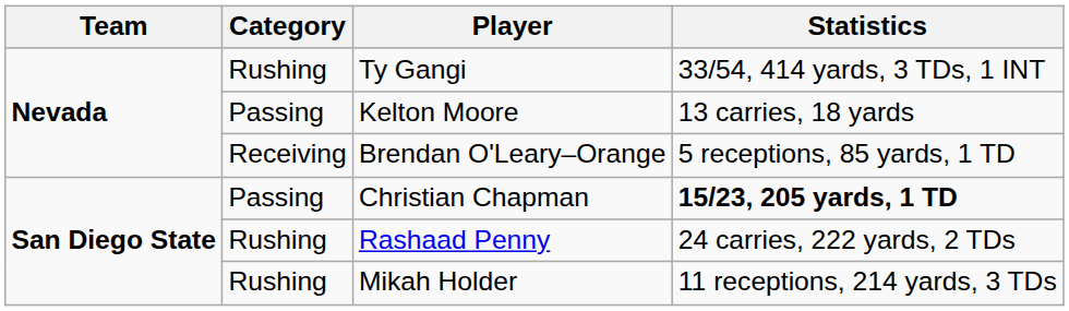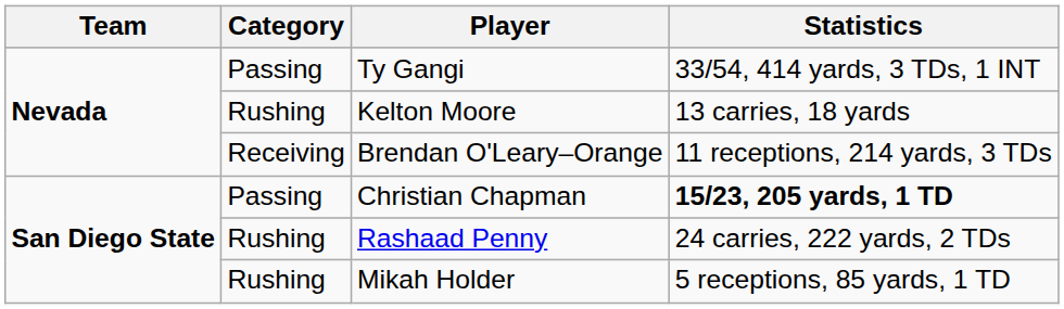 <table class="wikitable" style="float: left;">
 <tr>
 <th>Team</th>
 <th>Category</th>
 <th>Player</th>
 <th>Statistics</th>
 </tr>
 <tr>
 <td rowspan=3><strong>Nevada</strong></td>
-<td>Rushing</td>
+<td>Passing</td>
 <td>Ty Gangi</td>
 <td>33/54, 414 yards, 3 TDs, 1 INT</td>
 </tr>
 <tr>
-<td>Passing</td>
+<td>Rushing</td>
 <td>Kelton Moore</td>
 <td>13 carries, 18 yards</td>
 </tr>
 <tr>
 <td>Receiving</td>
 <td>Brendan O'Leary–Orange</td>
-<td>5 receptions, 85 yards, 1 TD</td>
+<td>11 receptions, 214 yards, 3 TDs</td>
 </tr>
 <tr>
 <td rowspan=3><strong>San Diego State</strong></td>
 <td>Passing</td>
 <td>Christian Chapman</td>
 <td><strong>15/23, 205 yards, 1 TD</strong></td>
 </tr>
 <tr>
 <td>Rushing</td>
 <td><a href='#'>Rashaad Penny</a></td>
 <td>24 carries, 222 yards, 2 TDs</td>
 </tr>
 <tr>
 <td>Rushing</td>
 <td>Mikah Holder</td>
-<td>11 receptions, 214 yards, 3 TDs</td>
+<td>5 receptions, 85 yards, 1 TD</td>
 </tr>
 </table>
